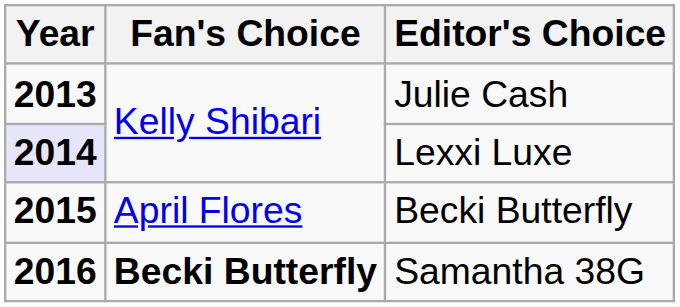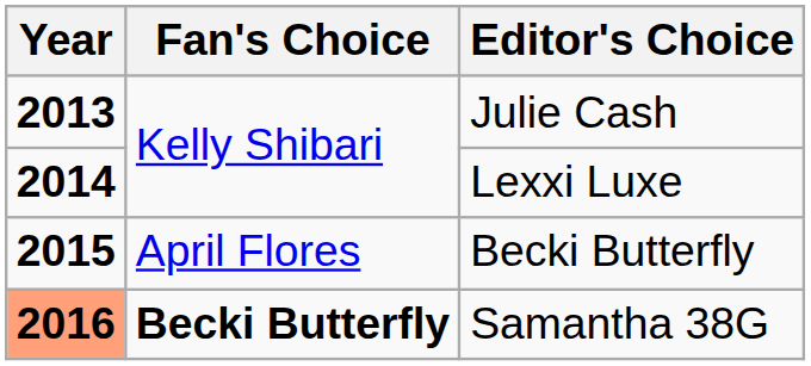 <table class="wikitable">
 <tr>
 <th>Year</th>
 <th>Fan's Choice</th>
 <th>Editor's Choice</th>
 </tr>
 <tr>
 <td><strong>2013</strong></td>
 <td rowspan="2"><a href='#'>Kelly Shibari</a></td>
 <td>Julie Cash</td>
 </tr>
 <tr>
-<td style="background: lavender;"><strong>2014</strong></td>
+<td><strong>2014</strong></td>
 <td>Lexxi Luxe</td>
 </tr>
 <tr>
 <td><strong>2015</strong></td>
 <td><a href='#'>April Flores</a></td>
 <td>Becki Butterfly</td>
 </tr>
 <tr>
-<td><strong>2016</strong></td>
+<td style="background: lightsalmon;"><strong>2016</strong></td>
 <td><strong>Becki Butterfly</strong></td>
 <td>Samantha 38G</td>
 </tr>
 </table>
